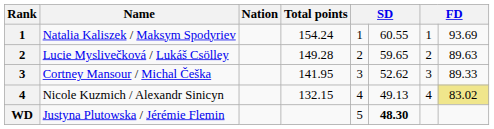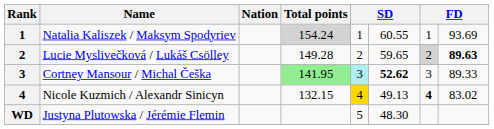 <table class="wikitable sortable">
 <tr>
 <th>Rank</th>
 <th>Name</th>
 <th>Nation</th>
 <th>Total points</th>
 <th colspan=2 width=80px><a href='#'>SD</a></th>
 <th colspan=2 width=80px><a href='#'>FD</a></th>
 </tr>
 <tr>
 <th>1</th>
 <td><a href='#'>Natalia Kaliszek</a> / <a href='#'>Maksym Spodyriev</a></td>
 <td></td>
-<td align=center>154.24</td>
+<td align=center style="background: lightgrey;">154.24</td>
 <td align=center>1</td>
 <td align=center>60.55</td>
 <td align=center>1</td>
 <td align=center>93.69</td>
 </tr>
 <tr>
 <th>2</th>
 <td><a href='#'>Lucie Myslivečková</a> / <a href='#'>Lukáš Csölley</a></td>
 <td></td>
 <td align=center>149.28</td>
 <td align=center>2</td>
 <td align=center>59.65</td>
-<td align=center>2</td>
-<td align=center>89.63</td>
+<td align=center style="background: lightgrey;">2</td>
+<td align=center><strong>89.63</strong></td>
 </tr>
 <tr>
 <th>3</th>
 <td><a href='#'>Cortney Mansour</a> / <a href='#'>Michal Češka</a></td>
 <td></td>
-<td align=center>141.95</td>
-<td align=center>3</td>
-<td align=center>52.62</td>
+<td align=center style="background: lightgreen;">141.95</td>
+<td align=center style="background: paleturquoise;">3</td>
+<td align=center><strong>52.62</strong></td>
 <td align=center>3</td>
 <td align=center>89.33</td>
 </tr>
 <tr>
 <th>4</th>
 <td>Nicole Kuzmich / Alexandr Sinicyn</td>
 <td></td>
 <td align=center>132.15</td>
-<td align=center>4</td>
+<td align=center style="background: gold;">4</td>
 <td align=center>49.13</td>
-<td align=center>4</td>
-<td align=center style="background: khaki;">83.02</td>
+<td align=center><strong>4</strong></td>
+<td align=center>83.02</td>
 </tr>
 <tr>
 <th>WD</th>
 <td><a href='#'>Justyna Plutowska</a> / <a href='#'>Jérémie Flemin</a></td>
 <td></td>
 <td></td>
 <td align=center>5</td>
-<td align=center><strong>48.30</strong></td>
+<td align=center>48.30</td>
 <td></td>
 <td></td>
 </tr>
 </table>
